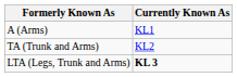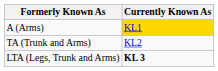 <table class="wikitable">
 <tr>
 <th>Formerly Known As</th>
 <th>Currently Known As</th>
 </tr>
 <tr>
 <td>A (Arms)</td>
-<td><a href='#'>KL1</a></td>
+<td style="background: gold;"><a href='#'>KL1</a></td>
 </tr>
 <tr>
 <td>TA (Trunk and Arms)</td>
 <td><a href='#'>KL2</a></td>
 </tr>
 <tr>
 <td>LTA (Legs, Trunk and Arms)</td>
 <td><strong>KL 3</strong></td>
 </tr>
 </table>
